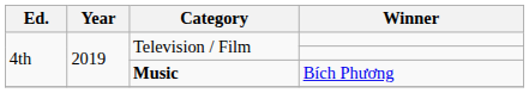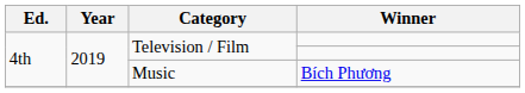 <table class="wikitable">
 <tr align=center>
 <th style="width:50px">Ed.</th>
 <th style="width:50px">Year</th>
 <th style="width:150px">Category</th>
 <th style="width:200px">Winner</th>
 </tr>
 <tr>
 <td rowspan="3">4th</td>
 <td rowspan="3">2019</td>
 <td rowspan=2>Television / Film</td>
 <td></td>
 </tr>
 <tr>
 <td></td>
 </tr>
 <tr>
-<td rowspan=1><strong>Music</strong></td>
+<td rowspan=1>Music</td>
 <td><a href='#'>Bích Phương</a></td>
 </tr>
 <tr>
 </tr>
 </table>
